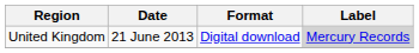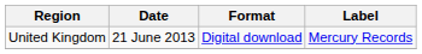 <table class=wikitable>
 <tr>
 <th>Region</th>
 <th>Date</th>
 <th>Format</th>
 <th>Label</th>
 </tr>
 <tr>
 <td>United Kingdom</td>
 <td>21 June 2013</td>
 <td><a href='#'>Digital download</a></td>
-<td style="background: lightgrey;"><a href='#'>Mercury Records</a></td>
+<td><a href='#'>Mercury Records</a></td>
 </tr>
 <tr>
 </tr>
 </table>
